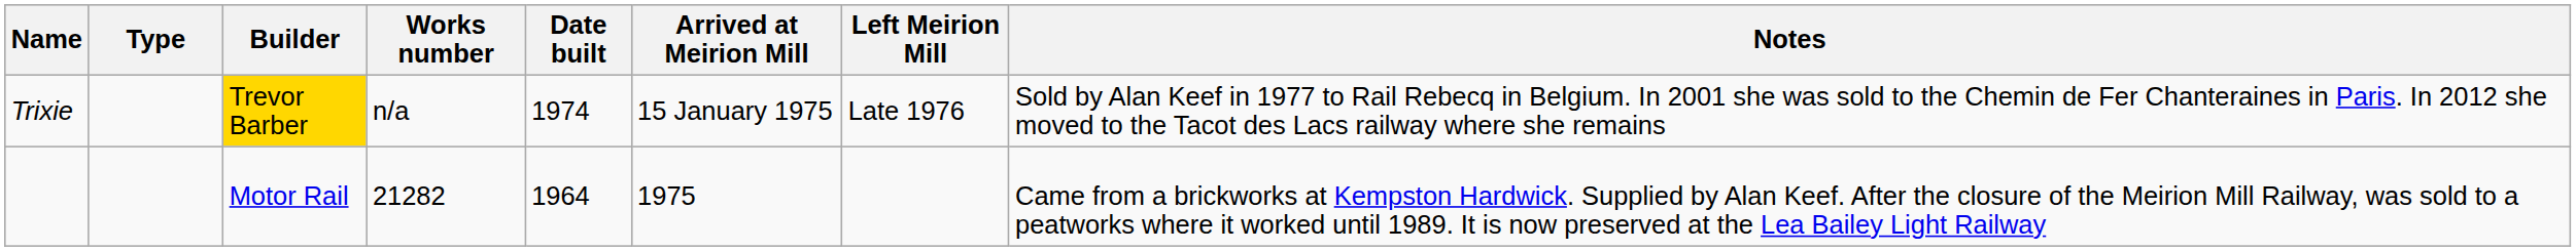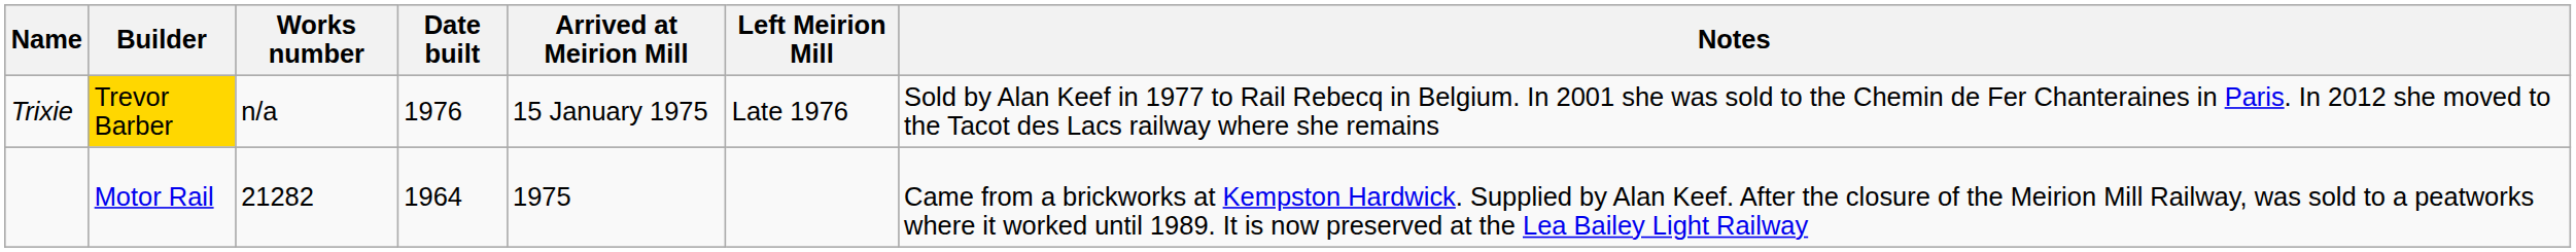 <table class="sort wikitable sortable">
 <tr>
 <th>Name</th>
-<th width="75pt">Type</th>
 <th>Builder</th>
 <th>Works number</th>
 <th>Date built</th>
 <th>Arrived at Meirion Mill</th>
 <th>Left Meirion Mill</th>
 <th>Notes</th>
 </tr>
 <tr>
 <td><em>Trixie</em></td>
-<td></td>
 <td style="background: gold;">Trevor Barber</td>
 <td>n/a</td>
-<td>1974</td>
+<td>1976</td>
 <td>15 January 1975</td>
 <td>Late 1976</td>
 <td>Sold by Alan Keef in 1977 to Rail Rebecq in Belgium. In 2001 she was sold to the Chemin de Fer Chanteraines in <a href='#'>Paris</a>. In 2012 she moved to the Tacot des Lacs railway where she remains</td>
 </tr>
 <tr>
-<td></td>
 <td></td>
 <td><a href='#'>Motor Rail</a></td>
 <td>21282</td>
 <td>1964</td>
 <td>1975</td>
 <td></td>
 <td><br> Came from a brickworks at <a href='#'>Kempston Hardwick</a>. Supplied by Alan Keef. After the closure of the Meirion Mill Railway, was sold to a peatworks where it worked until 1989. It is now preserved at the <a href='#'>Lea Bailey Light Railway</a></td>
 </tr>
 </table>
